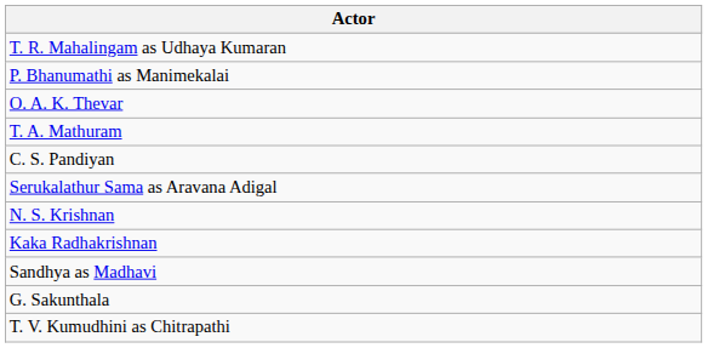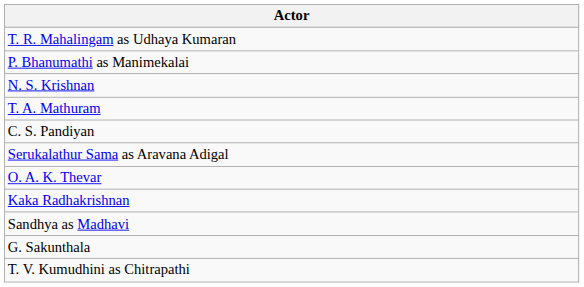 <table class="wikitable" width="50%">
 <tr bgcolor="#CCCCCC">
 <th>Actor</th>
 </tr>
 <tr>
 <td><a href='#'>T. R. Mahalingam</a> as Udhaya Kumaran</td>
 </tr>
 <tr>
 <td><a href='#'>P. Bhanumathi</a> as Manimekalai</td>
 </tr>
 <tr>
-<td><a href='#'>O. A. K. Thevar</a></td>
+<td><a href='#'>N. S. Krishnan</a></td>
 </tr>
 <tr>
 <td><a href='#'>T. A. Mathuram</a></td>
 </tr>
 <tr>
 <td>C. S. Pandiyan</td>
 </tr>
 <tr>
 <td><a href='#'>Serukalathur Sama</a> as Aravana Adigal</td>
 </tr>
 <tr>
-<td><a href='#'>N. S. Krishnan</a></td>
+<td><a href='#'>O. A. K. Thevar</a></td>
 </tr>
 <tr>
 <td><a href='#'>Kaka Radhakrishnan</a></td>
 </tr>
 <tr>
 <td>Sandhya as <a href='#'>Madhavi</a></td>
 </tr>
 <tr>
 <td>G. Sakunthala</td>
 </tr>
 <tr>
 <td>T. V. Kumudhini as Chitrapathi</td>
 </tr>
 </table>
